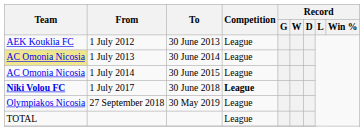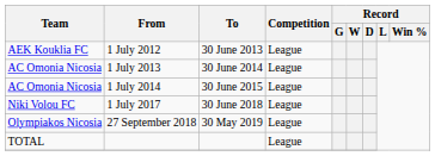 <table class="wikitable" style="text-align: center">
 <tr>
 <th rowspan=2>Team</th>
 <th rowspan=2>From</th>
 <th rowspan=2>To</th>
 <th rowspan=2>Competition</th>
 <th colspan=5>Record</th>
 </tr>
 <tr>
 <th>G</th>
 <th>W</th>
 <th>D</th>
 <th>L</th>
 <th>Win %</th>
 </tr>
 <tr>
 <td rowspan=1 align=left><a href='#'>AEK Kouklia FC</a></td>
 <td rowspan=1 align=left>1 July 2012</td>
 <td rowspan=1 align=left>30 June 2013</td>
 <td align=left>League<br></td>
 <th align=left></th>
 <th align=left></th>
 <th align=left></th>
 </tr>
 <tr>
-<td rowspan=1 align=left style="background: khaki;"><a href='#'>AC Omonia Nicosia</a></td>
+<td rowspan=1 align=left><a href='#'>AC Omonia Nicosia</a></td>
 <td rowspan=1 align=left>1 July 2013</td>
 <td rowspan=1 align=left>30 June 2014</td>
 <td align=left>League<br></td>
 <th align=left></th>
 <th align=left></th>
 <th align=left></th>
 </tr>
 <tr>
 <td rowspan=1 align=left><a href='#'>AC Omonia Nicosia</a></td>
 <td rowspan=1 align=left>1 July 2014</td>
 <td rowspan=1 align=left>30 June 2015</td>
 <td align=left>League<br></td>
 <th align=left></th>
 <th align=left></th>
 <th align=left></th>
 </tr>
 <tr>
-<td rowspan=1 align=left><strong><a href='#'>Niki Volou FC</a></strong></td>
+<td rowspan=1 align=left><a href='#'>Niki Volou FC</a></td>
 <td rowspan=1 align=left>1 July 2017</td>
 <td rowspan=1 align=left>30 June 2018</td>
-<td align=left><strong>League<br></strong></td>
+<td align=left>League<br></td>
 <th align=left></th>
 <th align=left></th>
 <th align=left></th>
 </tr>
 <tr>
 <td rowspan=1 align=left><a href='#'>Olympiakos Nicosia</a></td>
 <td rowspan=1 align=left>27 September 2018</td>
 <td rowspan=1 align=left>30 May 2019</td>
 <td align=left>League<br></td>
 <th align=left></th>
 <th align=left></th>
 <th align=left></th>
 </tr>
 <tr>
 <td rowspan=1 align=left>TOTAL</td>
 <td rowspan=1 align=left></td>
 <td rowspan=1 align=left></td>
 <td align=left>League<br></td>
 <th align=left></th>
 <th align=left></th>
 <th align=left></th>
 </tr>
 <tr>
 </tr>
 </table>
